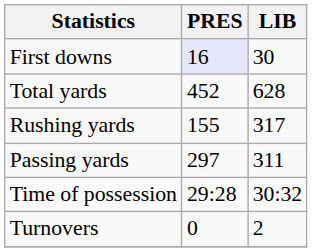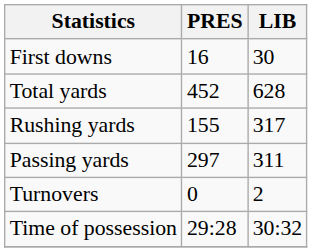 <table class="wikitable">
 <tr>
 <th>Statistics</th>
 <th>PRES</th>
 <th>LIB</th>
 </tr>
 <tr>
 <td>First downs</td>
-<td style="background: lavender;">16</td>
+<td>16</td>
 <td>30</td>
 </tr>
 <tr>
 <td>Total yards</td>
 <td>452</td>
 <td>628</td>
 </tr>
 <tr>
 <td>Rushing yards</td>
 <td>155</td>
 <td>317</td>
 </tr>
 <tr>
 <td>Passing yards</td>
 <td>297</td>
 <td>311</td>
 </tr>
 <tr>
+<td>Turnovers</td>
+<td>0</td>
+<td>2</td>
+</tr>
+<tr>
 <td>Time of possession</td>
 <td>29:28</td>
 <td>30:32</td>
 </tr>
 <tr>
-<td>Turnovers</td>
-<td>0</td>
-<td>2</td>
-</tr>
-<tr>
 </tr>
 </table>
